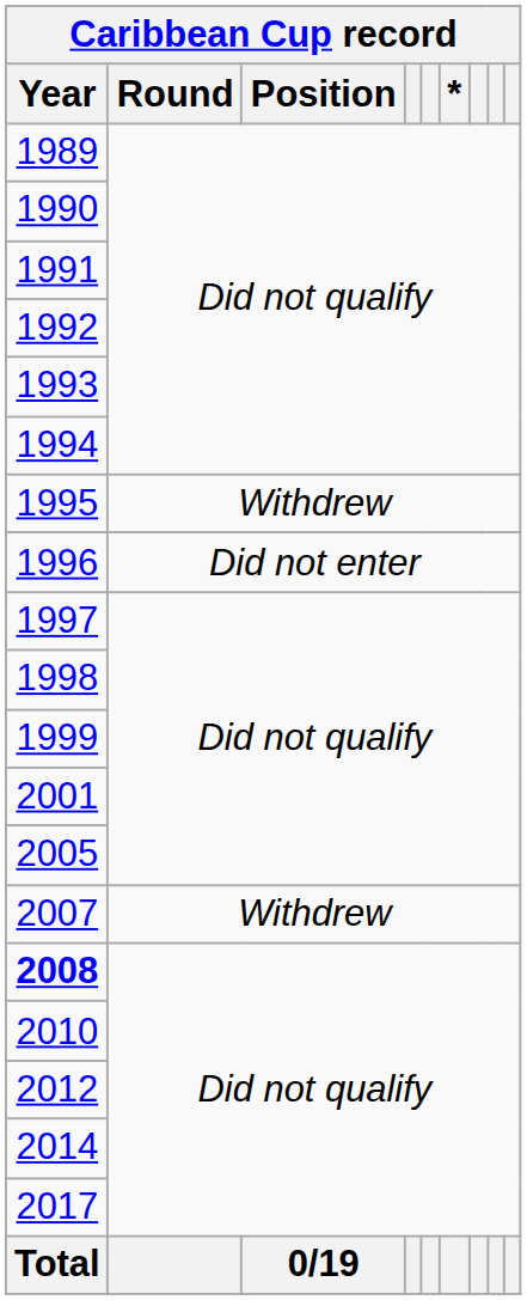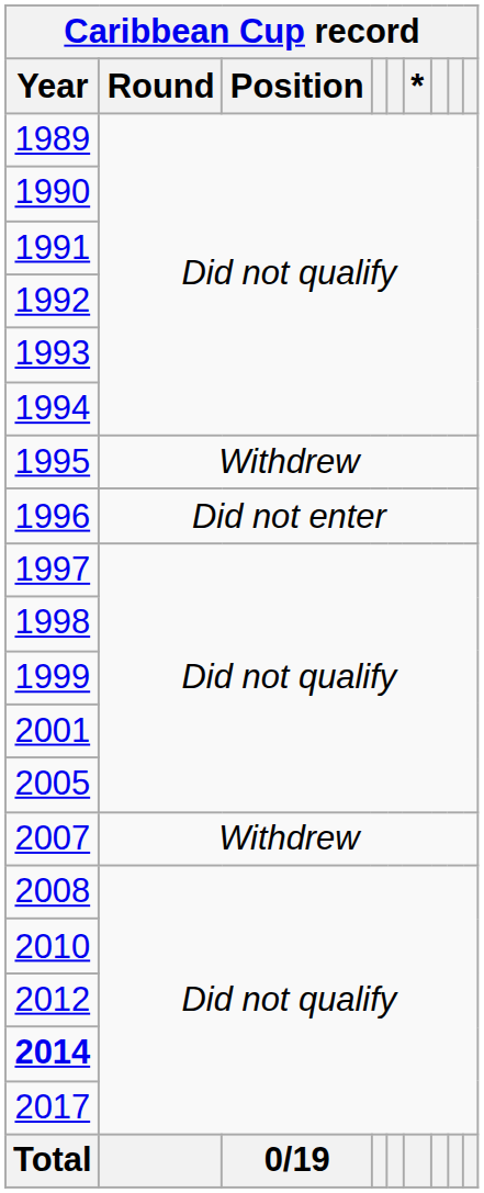 <table class="wikitable" style="text-align: center;">
 <tr>
 <th colspan=9><a href='#'>Caribbean Cup</a> record</th>
 </tr>
 <tr>
 <th>Year</th>
 <th>Round</th>
 <th>Position</th>
 <th></th>
 <th></th>
 <th>*</th>
 <th></th>
 <th></th>
 <th></th>
 </tr>
 <tr>
 <td> <a href='#'>1989</a></td>
 <td colspan=8 rowspan=6><em>Did not qualify</em></td>
 </tr>
 <tr>
 <td> <a href='#'>1990</a></td>
 </tr>
 <tr>
 <td> <a href='#'>1991</a></td>
 </tr>
 <tr>
 <td> <a href='#'>1992</a></td>
 </tr>
 <tr>
 <td> <a href='#'>1993</a></td>
 </tr>
 <tr>
 <td> <a href='#'>1994</a></td>
 </tr>
 <tr>
 <td>  <a href='#'>1995</a></td>
 <td colspan=8><em>Withdrew</em></td>
 </tr>
 <tr>
 <td> <a href='#'>1996</a></td>
 <td colspan=8><em>Did not enter</em></td>
 </tr>
 <tr>
 <td>  <a href='#'>1997</a></td>
 <td colspan=9 rowspan=5><em>Did not qualify</em></td>
 </tr>
 <tr>
 <td>  <a href='#'>1998</a></td>
 </tr>
 <tr>
 <td> <a href='#'>1999</a></td>
 </tr>
 <tr>
 <td> <a href='#'>2001</a></td>
 </tr>
 <tr>
 <td> <a href='#'>2005</a></td>
 </tr>
 <tr>
 <td> <a href='#'>2007</a></td>
 <td colspan=8><em>Withdrew</em></td>
 </tr>
 <tr>
-<td><strong> <a href='#'>2008</a></strong></td>
+<td> <a href='#'>2008</a></td>
 <td colspan=8 rowspan=5><em>Did not qualify</em></td>
 </tr>
 <tr>
 <td> <a href='#'>2010</a></td>
 </tr>
 <tr>
 <td> <a href='#'>2012</a></td>
 </tr>
 <tr>
-<td> <a href='#'>2014</a></td>
+<td><strong> <a href='#'>2014</a></strong></td>
 </tr>
 <tr>
 <td> <a href='#'>2017</a></td>
 </tr>
 <tr>
 <th>Total</th>
 <th></th>
 <th>0/19</th>
 <th></th>
 <th></th>
 <th></th>
 <th></th>
 <th></th>
 <th></th>
 </tr>
 </table>
